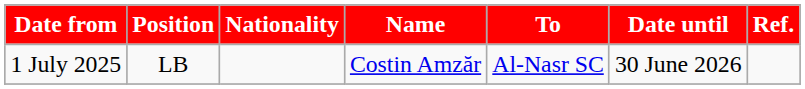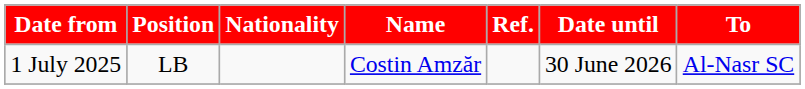 <table class="wikitable"  style="text-align:center; font-size:90%; ">
 <tr>
 <th style="background:red;color:white;">Date from</th>
 <th style="background:red;color:white;">Position</th>
 <th style="background:red;color:white;">Nationality</th>
 <th style="background:red;color:white;">Name</th>
+<th style="background:red;color:white;">Ref.</th>
+<th style="background:red;color:white;">Date until</th>
 <th style="background:red;color:white;">To</th>
-<th style="background:red;color:white;">Date until</th>
-<th style="background:red;color:white;">Ref.</th>
 </tr>
 <tr>
 <td>1 July 2025</td>
 <td>LB</td>
 <td></td>
 <td><a href='#'>Costin Amzăr</a></td>
+<td></td>
+<td>30 June 2026</td>
 <td> <a href='#'>Al-Nasr SC</a></td>
-<td>30 June 2026</td>
-<td></td>
 </tr>
 </table>
